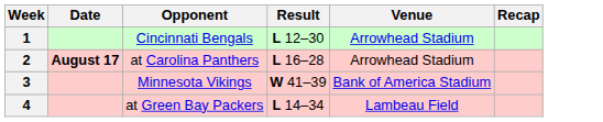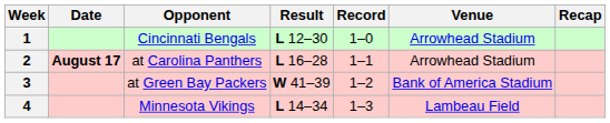 <table class="wikitable" style="text-align:center">
 <tr>
 <th>Week</th>
 <th>Date</th>
 <th>Opponent</th>
 <th>Result</th>
+<th>Record</th>
 <th>Venue</th>
 <th>Recap</th>
 </tr>
 <tr style="background:#cfc">
 <th>1</th>
 <td></td>
 <td><a href='#'>Cincinnati Bengals</a></td>
 <td><strong>L</strong> 12–30</td>
+<td>1–0</td>
 <td><a href='#'>Arrowhead Stadium</a></td>
 <td></td>
 </tr>
 <tr style="background:#fcc">
 <th>2</th>
 <td><strong>August 17</strong></td>
 <td>at <a href='#'>Carolina Panthers</a></td>
 <td><strong>L</strong> 16–28</td>
+<td>1–1</td>
 <td>Arrowhead Stadium</td>
 <td></td>
 </tr>
 <tr style="background:#fcc">
 <th>3</th>
 <td></td>
-<td><a href='#'>Minnesota Vikings</a></td>
+<td>at <a href='#'>Green Bay Packers</a></td>
 <td><strong>W</strong> 41–39</td>
+<td>1–2</td>
 <td><a href='#'>Bank of America Stadium</a></td>
 <td></td>
 </tr>
 <tr style="background:#fcc">
 <th>4</th>
 <td></td>
-<td>at <a href='#'>Green Bay Packers</a></td>
+<td><a href='#'>Minnesota Vikings</a></td>
 <td><strong>L</strong> 14–34</td>
+<td>1–3</td>
 <td><a href='#'>Lambeau Field</a></td>
 <td></td>
 </tr>
 </table>
